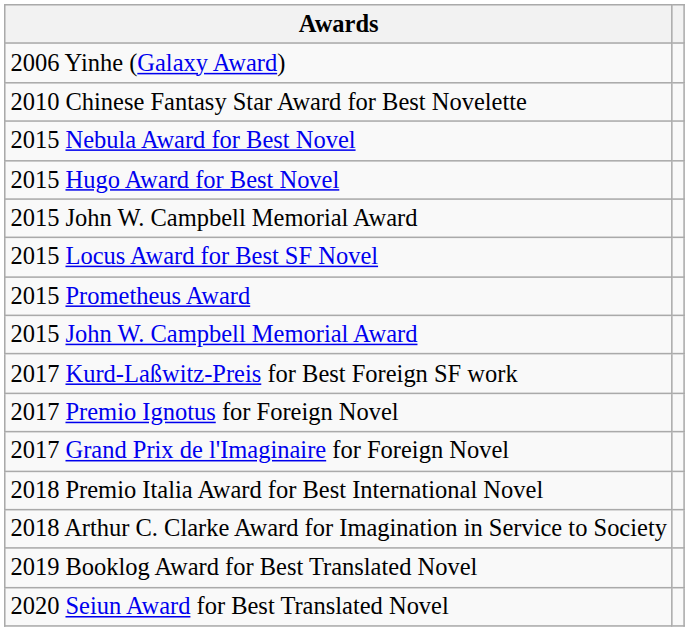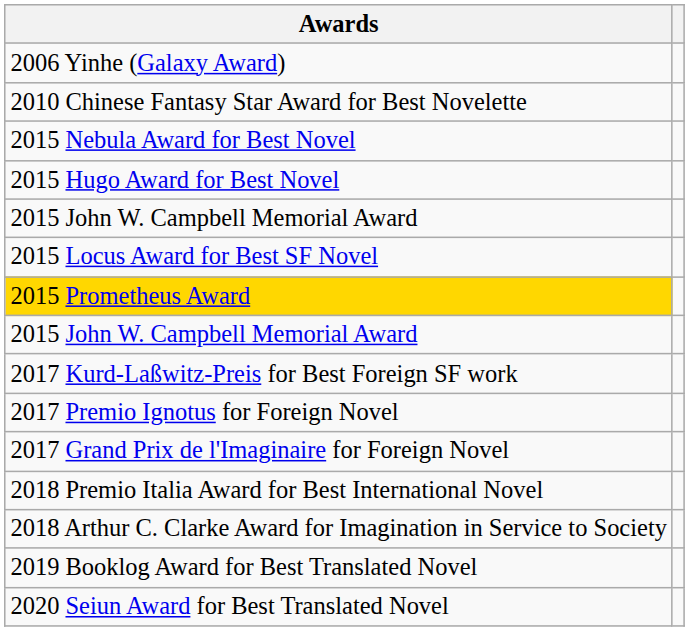 <table class="wikitable">
 <tr>
 <th>Awards</th>
 <th></th>
 </tr>
 <tr>
 <td>2006 Yinhe (<a href='#'>Galaxy Award</a>)</td>
 <td></td>
 </tr>
 <tr>
 <td>2010 Chinese Fantasy Star Award for Best Novelette</td>
 <td></td>
 </tr>
 <tr>
 <td>2015 <a href='#'>Nebula Award for Best Novel</a></td>
 <td></td>
 </tr>
 <tr>
 <td>2015 <a href='#'>Hugo Award for Best Novel</a></td>
 <td></td>
 </tr>
 <tr>
 <td>2015 John W. Campbell Memorial Award</td>
 <td></td>
 </tr>
 <tr>
 <td>2015 <a href='#'>Locus Award for Best SF Novel</a></td>
 <td></td>
 </tr>
 <tr>
-<td>2015 <a href='#'>Prometheus Award</a></td>
+<td style="background: gold;">2015 <a href='#'>Prometheus Award</a></td>
 <td></td>
 </tr>
 <tr>
 <td>2015 <a href='#'>John W. Campbell Memorial Award</a></td>
 <td></td>
 </tr>
 <tr>
 <td>2017 <a href='#'>Kurd-Laßwitz-Preis</a> for Best Foreign SF work</td>
 <td></td>
 </tr>
 <tr>
 <td>2017 <a href='#'>Premio Ignotus</a> for Foreign Novel</td>
 <td></td>
 </tr>
 <tr>
 <td>2017 <a href='#'>Grand Prix de l'Imaginaire</a> for Foreign Novel</td>
 <td></td>
 </tr>
 <tr>
 <td>2018 Premio Italia Award for Best International Novel</td>
 <td></td>
 </tr>
 <tr>
 <td>2018 Arthur C. Clarke Award for Imagination in Service to Society</td>
 <td></td>
 </tr>
 <tr>
 <td>2019 Booklog Award for Best Translated Novel</td>
 <td></td>
 </tr>
 <tr>
 <td>2020 <a href='#'>Seiun Award</a> for Best Translated Novel</td>
 <td></td>
 </tr>
 </table>
